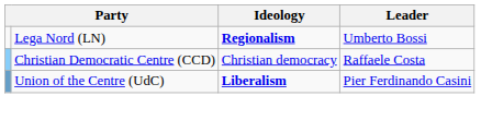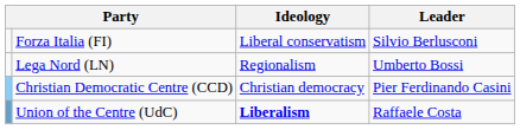 <table class=wikitable style=text-align:left>
 <tr>
 <th colspan=2>Party</th>
 <th>Ideology</th>
 <th>Leader</th>
 </tr>
 <tr>
 <td></td>
+<td><a href='#'>Forza Italia</a> (FI)</td>
+<td><a href='#'>Liberal conservatism</a></td>
+<td><a href='#'>Silvio Berlusconi</a></td>
+</tr>
+<tr>
+<td></td>
 <td><a href='#'>Lega Nord</a> (LN)</td>
-<td><strong><a href='#'>Regionalism</a></strong></td>
+<td><a href='#'>Regionalism</a></td>
 <td><a href='#'>Umberto Bossi</a></td>
 </tr>
 <tr>
 <td style="background:#87cefa;"></td>
 <td><a href='#'>Christian Democratic Centre</a> (CCD)</td>
 <td><a href='#'>Christian democracy</a></td>
-<td><a href='#'>Raffaele Costa</a></td>
+<td><a href='#'>Pier Ferdinando Casini</a></td>
 </tr>
 <tr>
 <td style="background:#659EC7;"></td>
 <td><a href='#'>Union of the Centre</a> (UdC)</td>
 <td><strong><a href='#'>Liberalism</a></strong></td>
-<td><a href='#'>Pier Ferdinando Casini</a></td>
+<td><a href='#'>Raffaele Costa</a></td>
 </tr>
 </table>
